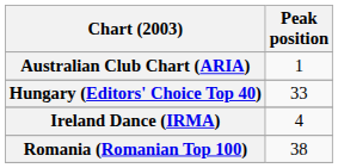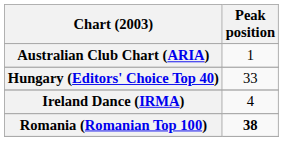 <table class="wikitable sortable plainrowheaders" style="text-align:center">
 <tr>
 <th>Chart (2003)</th>
 <th>Peak<br>position</th>
 </tr>
 <tr>
 </tr>
 <tr>
 <th scope="row">Australian Club Chart (<a href='#'>ARIA</a>)</th>
 <td>1</td>
 </tr>
 <tr>
 </tr>
 <tr>
 <th scope="row">Hungary (<a href='#'>Editors' Choice Top 40</a>)</th>
 <td>33</td>
 </tr>
 <tr>
 </tr>
 <tr>
 <th scope="row">Ireland Dance (<a href='#'>IRMA</a>)</th>
 <td>4</td>
 </tr>
 <tr>
 </tr>
 <tr>
 <th scope="row">Romania (<a href='#'>Romanian Top 100</a>)</th>
-<td>38</td>
+<td><strong>38</strong></td>
 </tr>
 <tr>
 </tr>
 <tr>
 </tr>
 <tr>
 </tr>
 </table>
